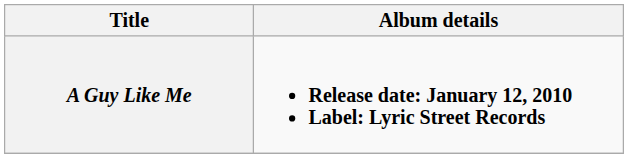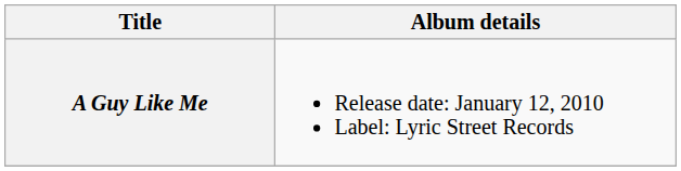 <table class="wikitable plainrowheaders">
 <tr>
 <th style="width:12em;">Title</th>
 <th style="width:18em;">Album details</th>
 </tr>
 <tr>
 <th scope="row"><em>A Guy Like Me</em></th>
-<td><strong><br><ul><li>Release date: January 12, 2010</li><li>Label: Lyric Street Records</li></ul></strong></td>
+<td><br><ul><li>Release date: January 12, 2010</li><li>Label: Lyric Street Records</li></ul></td>
 </tr>
 <tr>
 </tr>
 </table>
